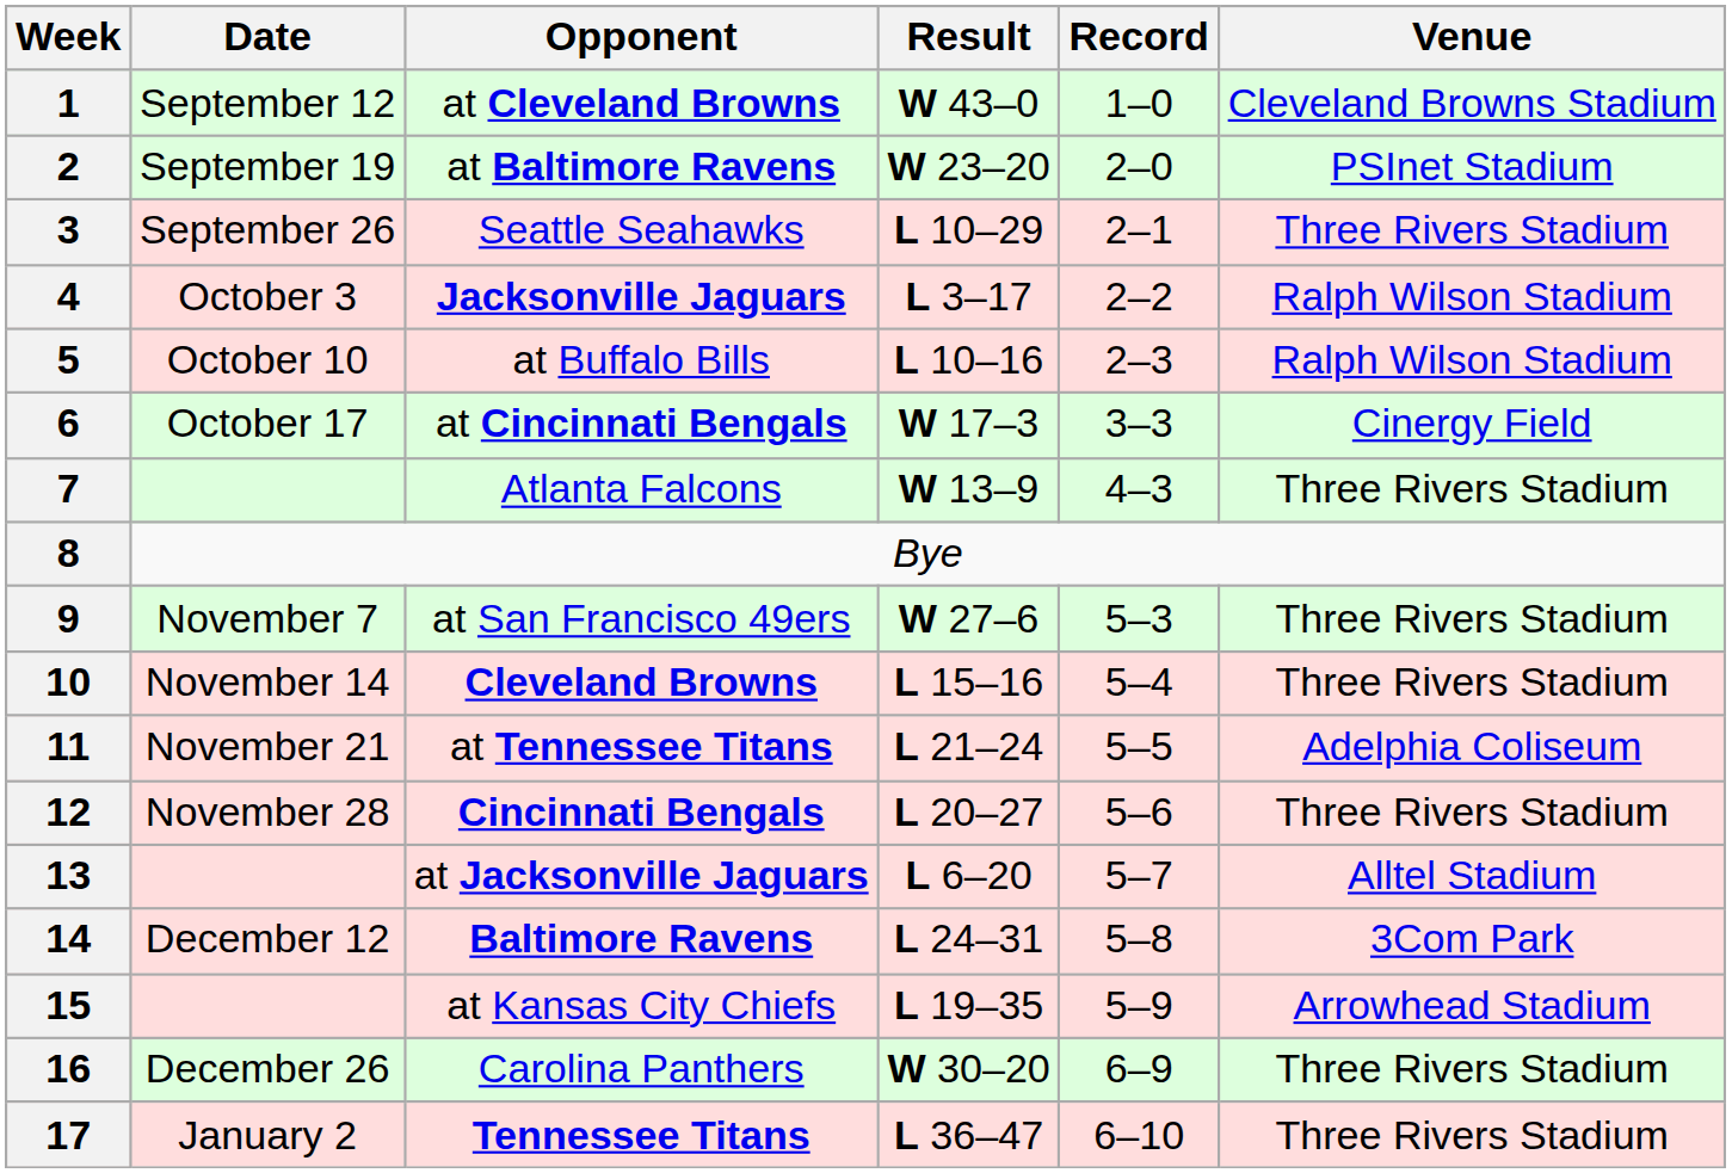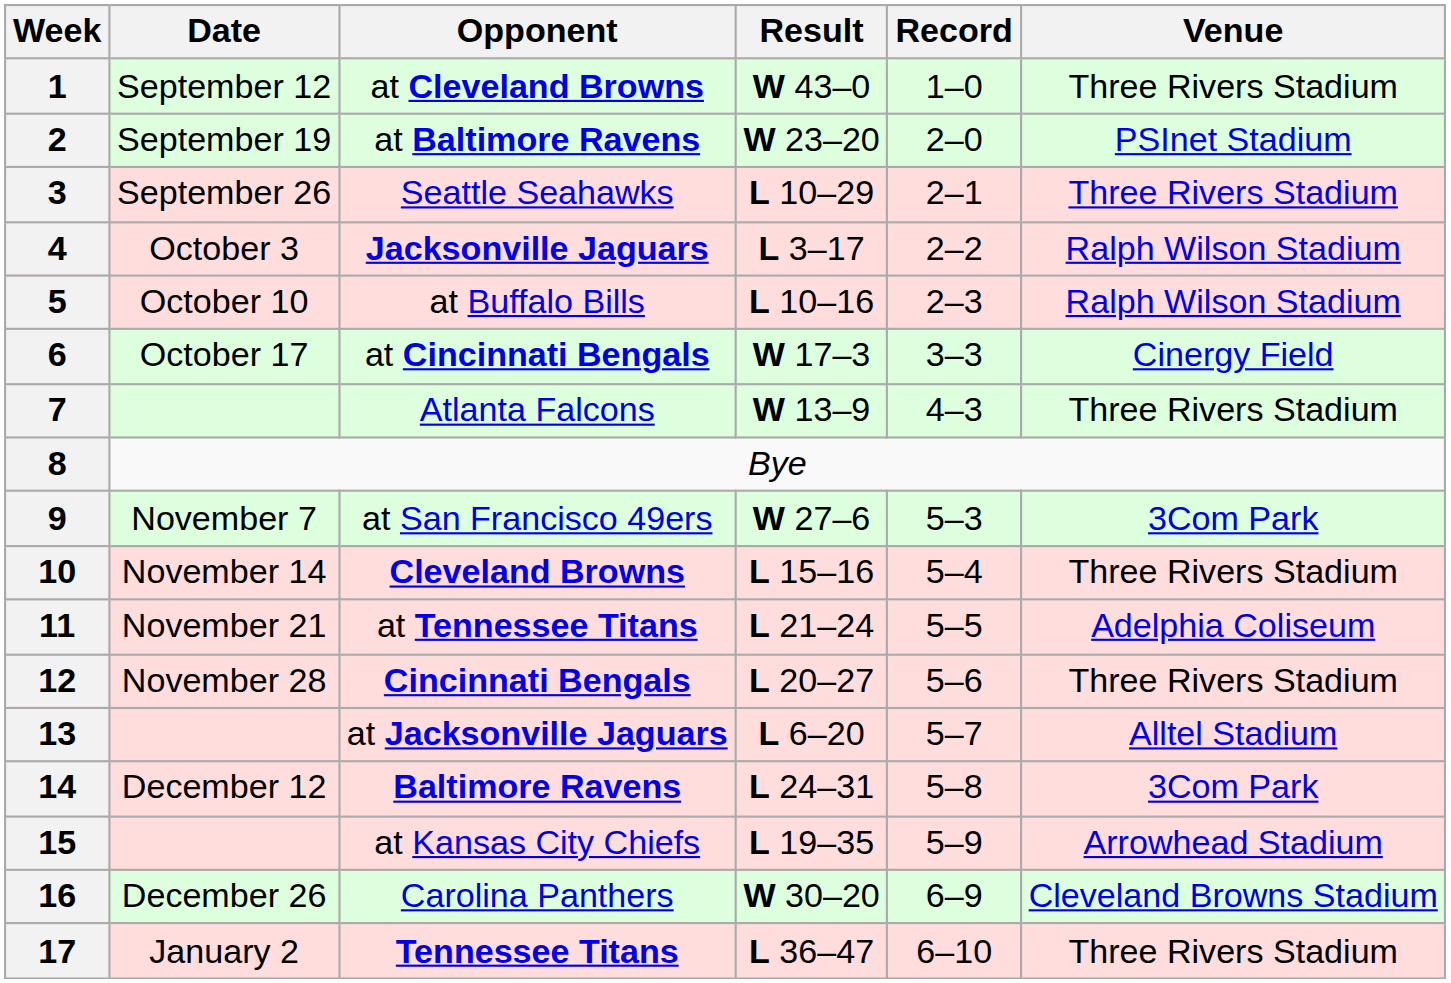 <table class="wikitable" style="text-align:center">
 <tr>
 <th>Week</th>
 <th>Date</th>
 <th>Opponent</th>
 <th>Result</th>
 <th>Record</th>
 <th>Venue</th>
 </tr>
 <tr style="background:#dfd">
 <th>1</th>
 <td>September 12</td>
 <td>at <strong><a href='#'>Cleveland Browns</a></strong></td>
 <td><strong>W</strong> 43–0</td>
 <td>1–0</td>
-<td><a href='#'>Cleveland Browns Stadium</a></td>
+<td>Three Rivers Stadium</td>
 </tr>
 <tr style="background:#dfd">
 <th>2</th>
 <td>September 19</td>
 <td>at <strong><a href='#'>Baltimore Ravens</a></strong></td>
 <td><strong>W</strong> 23–20</td>
 <td>2–0</td>
 <td><a href='#'>PSInet Stadium</a></td>
 </tr>
 <tr style="background:#fdd">
 <th>3</th>
 <td>September 26</td>
 <td><a href='#'>Seattle Seahawks</a></td>
 <td><strong>L</strong> 10–29</td>
 <td>2–1</td>
 <td><a href='#'>Three Rivers Stadium</a></td>
 </tr>
 <tr style="background:#fdd">
 <th>4</th>
 <td>October 3</td>
 <td><strong><a href='#'>Jacksonville Jaguars</a></strong></td>
 <td><strong>L</strong> 3–17</td>
 <td>2–2</td>
 <td><a href='#'>Ralph Wilson Stadium</a></td>
 </tr>
 <tr style="background:#fdd">
 <th>5</th>
 <td>October 10</td>
 <td>at <a href='#'>Buffalo Bills</a></td>
 <td><strong>L</strong> 10–16</td>
 <td>2–3</td>
 <td><a href='#'>Ralph Wilson Stadium</a></td>
 </tr>
 <tr style="background:#dfd">
 <th>6</th>
 <td>October 17</td>
 <td>at <strong><a href='#'>Cincinnati Bengals</a></strong></td>
 <td><strong>W</strong> 17–3</td>
 <td>3–3</td>
 <td><a href='#'>Cinergy Field</a></td>
 </tr>
 <tr style="background:#dfd">
 <th>7</th>
 <td></td>
 <td><a href='#'>Atlanta Falcons</a></td>
 <td><strong>W</strong> 13–9</td>
 <td>4–3</td>
 <td>Three Rivers Stadium</td>
 </tr>
 <tr>
 <th>8</th>
 <td colspan=6 align="center"><em>Bye</em></td>
 </tr>
 <tr style="background:#dfd">
 <th>9</th>
 <td>November 7</td>
 <td>at <a href='#'>San Francisco 49ers</a></td>
 <td><strong>W</strong> 27–6</td>
 <td>5–3</td>
-<td>Three Rivers Stadium</td>
+<td><a href='#'>3Com Park</a></td>
 </tr>
 <tr style="background:#fdd">
 <th>10</th>
 <td>November 14</td>
 <td><strong><a href='#'>Cleveland Browns</a></strong></td>
 <td><strong>L</strong> 15–16</td>
 <td>5–4</td>
 <td>Three Rivers Stadium</td>
 </tr>
 <tr style="background:#fdd">
 <th>11</th>
 <td>November 21</td>
 <td>at <strong><a href='#'>Tennessee Titans</a></strong></td>
 <td><strong>L</strong> 21–24</td>
 <td>5–5</td>
 <td><a href='#'>Adelphia Coliseum</a></td>
 </tr>
 <tr style="background:#fdd">
 <th>12</th>
 <td>November 28</td>
 <td><strong><a href='#'>Cincinnati Bengals</a></strong></td>
 <td><strong>L</strong> 20–27</td>
 <td>5–6</td>
 <td>Three Rivers Stadium</td>
 </tr>
 <tr style="background:#fdd">
 <th>13</th>
 <td></td>
 <td>at <strong><a href='#'>Jacksonville Jaguars</a></strong></td>
 <td><strong>L</strong> 6–20</td>
 <td>5–7</td>
 <td><a href='#'>Alltel Stadium</a></td>
 </tr>
 <tr style="background:#fdd">
 <th>14</th>
 <td>December 12</td>
 <td><strong><a href='#'>Baltimore Ravens</a></strong></td>
 <td><strong>L</strong> 24–31</td>
 <td>5–8</td>
 <td><a href='#'>3Com Park</a></td>
 </tr>
 <tr style="background:#fdd">
 <th>15</th>
 <td></td>
 <td>at <a href='#'>Kansas City Chiefs</a></td>
 <td><strong>L</strong> 19–35</td>
 <td>5–9</td>
 <td><a href='#'>Arrowhead Stadium</a></td>
 </tr>
 <tr style="background:#dfd">
 <th>16</th>
 <td>December 26</td>
 <td><a href='#'>Carolina Panthers</a></td>
 <td><strong>W</strong> 30–20</td>
 <td>6–9</td>
-<td>Three Rivers Stadium</td>
+<td><a href='#'>Cleveland Browns Stadium</a></td>
 </tr>
 <tr style="background:#fdd">
 <th>17</th>
 <td>January 2</td>
 <td><strong><a href='#'>Tennessee Titans</a></strong></td>
 <td><strong>L</strong> 36–47</td>
 <td>6–10</td>
 <td>Three Rivers Stadium</td>
 </tr>
 </table>
